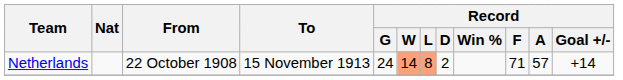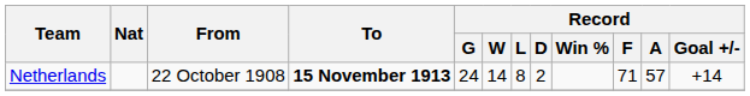 <table class="wikitable" style="text-align: center">
 <tr>
 <th rowspan="2">Team</th>
 <th rowspan="2">Nat</th>
 <th rowspan="2">From</th>
 <th rowspan="2">To</th>
 <th colspan="8">Record</th>
 </tr>
 <tr>
 <th>G</th>
 <th>W</th>
 <th>L</th>
 <th>D</th>
 <th>Win %</th>
 <th>F</th>
 <th>A</th>
 <th>Goal +/-</th>
 </tr>
 <tr>
 <td align=left><a href='#'>Netherlands</a></td>
 <td></td>
 <td align=left>22 October 1908</td>
-<td align=left>15 November 1913</td>
+<td align=left><strong>15 November 1913</strong></td>
 <td>24</td>
-<td style="background: lightsalmon;">14</td>
-<td style="background: lightsalmon;">8</td>
+<td>14</td>
+<td>8</td>
 <td>2</td>
 <td></td>
 <td>71</td>
 <td>57</td>
 <td>+14</td>
 </tr>
 <tr>
 </tr>
 </table>
